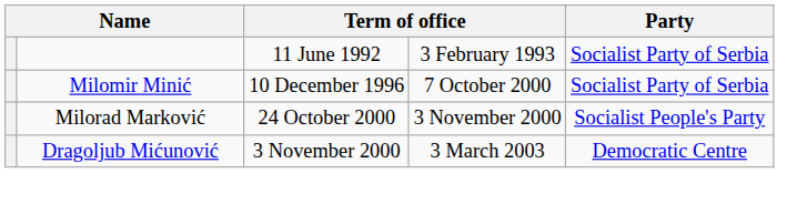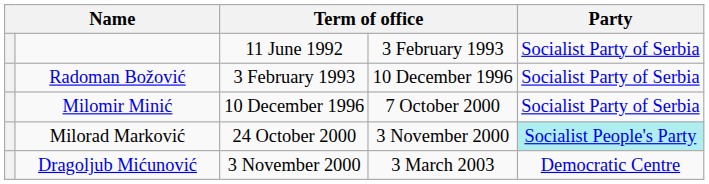 <table class="wikitable" style="text-align:center">
 <tr>
 <th colspan=2 width=180>Name<br></th>
 <th colspan=2>Term of office</th>
 <th>Party</th>
 </tr>
 <tr>
 <th style="background:"></th>
 <td><br></td>
 <td>11 June 1992</td>
 <td>3 February 1993</td>
 <td><a href='#'>Socialist Party of Serbia</a></td>
 </tr>
 <tr>
 <th style="background:"></th>
+<td><a href='#'>Radoman Božović</a><br></td>
+<td>3 February 1993</td>
+<td>10 December 1996</td>
+<td><a href='#'>Socialist Party of Serbia</a></td>
+</tr>
+<tr>
+<th style="background:"></th>
 <td><a href='#'>Milomir Minić</a><br></td>
 <td>10 December 1996</td>
 <td>7 October 2000</td>
 <td><a href='#'>Socialist Party of Serbia</a></td>
 </tr>
 <tr>
 <th style="background:"></th>
 <td>Milorad Marković<br></td>
 <td>24 October 2000</td>
 <td>3 November 2000</td>
-<td><a href='#'>Socialist People's Party</a></td>
+<td style="background: paleturquoise;"><a href='#'>Socialist People's Party</a></td>
 </tr>
 <tr>
 <th style="background:"></th>
 <td><a href='#'>Dragoljub Mićunović</a><br></td>
 <td>3 November 2000</td>
 <td>3 March 2003</td>
 <td><a href='#'>Democratic Centre</a></td>
 </tr>
 </table>
